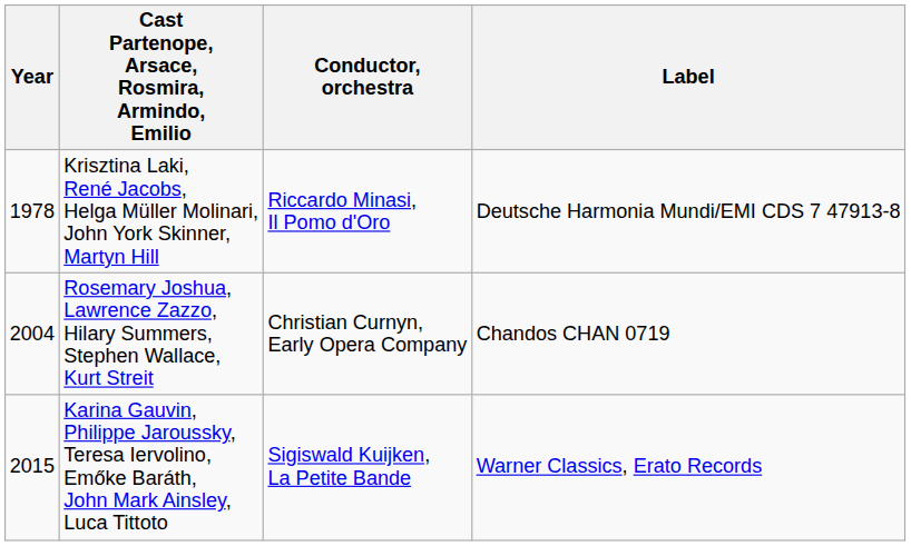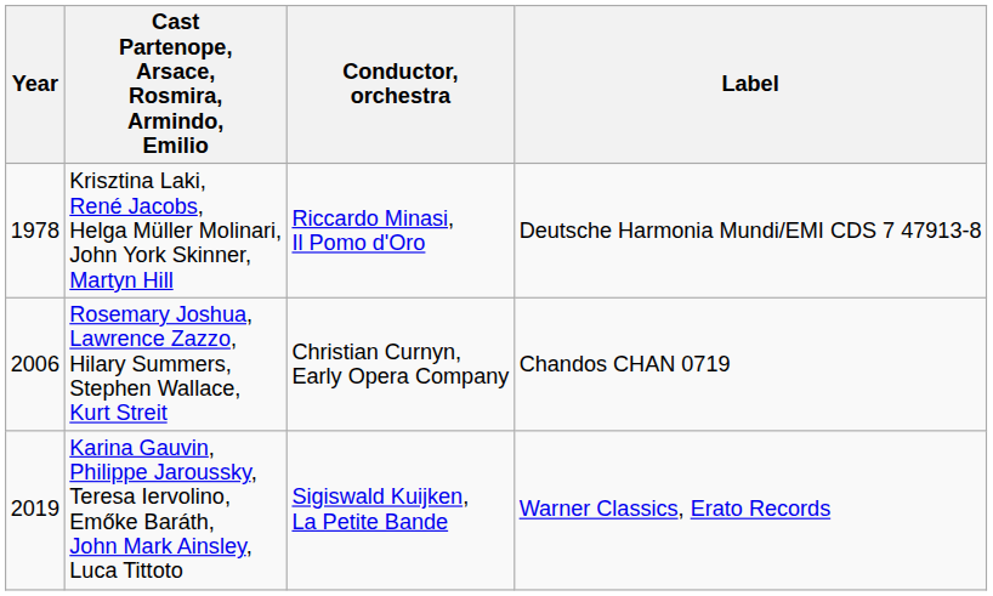 <table class="wikitable">
 <tr>
 <th>Year</th>
 <th>Cast<br>Partenope,<br>Arsace,<br>Rosmira,<br>Armindo,<br>Emilio</th>
 <th>Conductor,<br>orchestra</th>
 <th>Label</th>
 </tr>
 <tr>
 <td>1978</td>
 <td>Krisztina Laki,<br><a href='#'>René Jacobs</a>,<br> Helga Müller Molinari,<br>John York Skinner,<br><a href='#'>Martyn Hill</a></td>
 <td><a href='#'>Riccardo Minasi</a>,<br><a href='#'>Il Pomo d'Oro</a></td>
 <td>Deutsche Harmonia Mundi/EMI CDS 7 47913-8</td>
 </tr>
 <tr>
-<td>2004</td>
+<td>2006</td>
 <td><a href='#'>Rosemary Joshua</a>,<br><a href='#'>Lawrence Zazzo</a>,<br>Hilary Summers,<br>Stephen Wallace,<br><a href='#'>Kurt Streit</a></td>
 <td>Christian Curnyn,<br>Early Opera Company</td>
 <td>Chandos CHAN 0719</td>
 </tr>
 <tr>
-<td>2015</td>
+<td>2019</td>
 <td><a href='#'>Karina Gauvin</a>,<br><a href='#'>Philippe Jaroussky</a>,<br>Teresa Iervolino,<br>Emőke Baráth,<br><a href='#'>John Mark Ainsley</a>,<br>Luca Tittoto</td>
 <td><a href='#'>Sigiswald Kuijken</a>,<br><a href='#'>La Petite Bande</a></td>
 <td><a href='#'>Warner Classics</a>, <a href='#'>Erato Records</a></td>
 </tr>
 </table>
